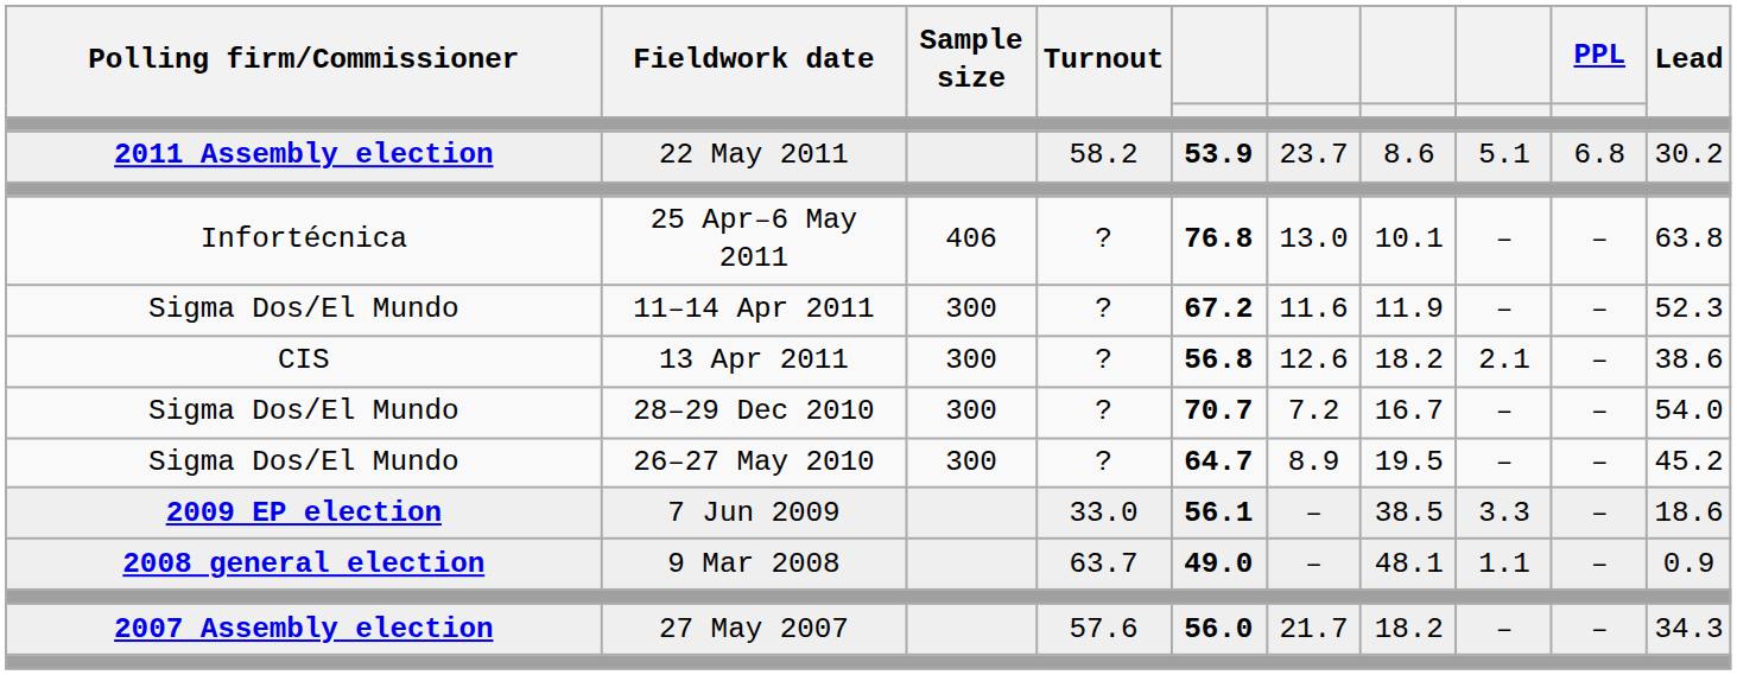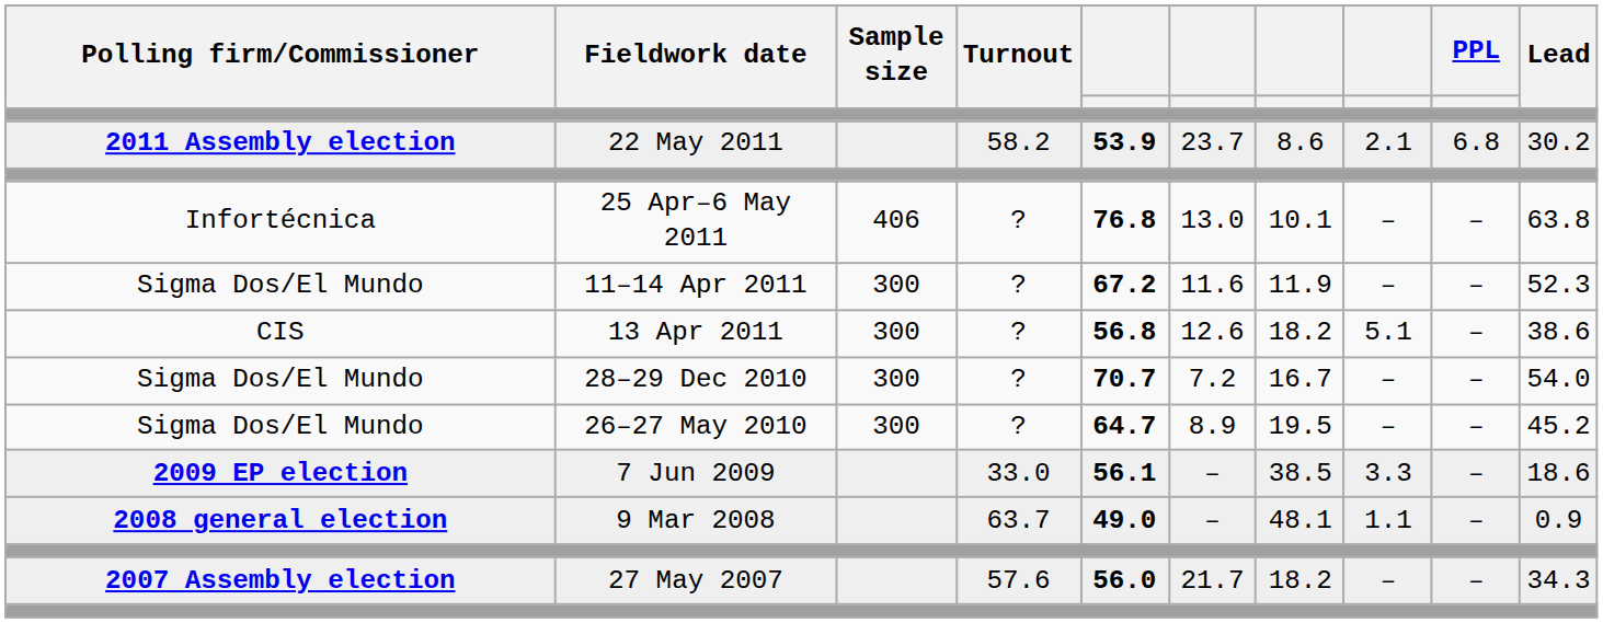 <table class="wikitable collapsible collapsed" style="text-align:center; font-size:95%; line-height:16px;">
 <tr style="height:42px;">
 <th style="width:250px;" rowspan="2">Polling firm/Commissioner</th>
 <th style="width:125px;" rowspan="2">Fieldwork date</th>
 <th style="width:50px;" rowspan="2">Sample size</th>
 <th style="width:45px;" rowspan="2">Turnout</th>
 <th style="width:35px;"></th>
 <th style="width:35px;"></th>
 <th style="width:35px;"></th>
 <th style="width:35px;"></th>
 <th style="width:35px;"><a href='#'>PPL</a></th>
 <th style="width:30px;" rowspan="2">Lead</th>
 </tr>
 <tr>
 <th style="color:inherit;background:"></th>
 <th style="color:inherit;background:"></th>
 <th style="color:inherit;background:"></th>
 <th style="color:inherit;background:"></th>
 <th style="color:inherit;background:"></th>
 </tr>
 <tr>
 <td colspan="10" style="background:#A0A0A0"></td>
 </tr>
 <tr style="background:#EFEFEF;">
 <td><strong><a href='#'>2011 Assembly election</a></strong></td>
 <td>22 May 2011</td>
 <td></td>
 <td>58.2</td>
 <td><strong>53.9</strong><br></td>
 <td>23.7<br></td>
 <td>8.6<br></td>
-<td>5.1<br></td>
+<td>2.1<br></td>
 <td>6.8<br></td>
 <td style="background:">30.2</td>
 </tr>
 <tr>
 <td colspan="10" style="background:#A0A0A0"></td>
 </tr>
 <tr>
 <td>Infortécnica</td>
 <td>25 Apr–6 May 2011</td>
 <td>406</td>
 <td>?</td>
 <td><strong>76.8</strong><br></td>
 <td>13.0<br></td>
 <td>10.1<br></td>
 <td>–</td>
 <td>–</td>
 <td style="background:">63.8</td>
 </tr>
 <tr>
 <td>Sigma Dos/El Mundo</td>
 <td>11–14 Apr 2011</td>
 <td>300</td>
 <td>?</td>
 <td><strong>67.2</strong><br></td>
 <td>11.6<br></td>
 <td>11.9<br></td>
 <td>–</td>
 <td>–</td>
 <td style="background:">52.3</td>
 </tr>
 <tr>
 <td>CIS</td>
 <td>13 Apr 2011</td>
 <td>300</td>
 <td>?</td>
 <td><strong>56.8</strong><br></td>
 <td>12.6<br></td>
 <td>18.2<br></td>
-<td>2.1<br></td>
+<td>5.1<br></td>
 <td>–</td>
 <td style="background:">38.6</td>
 </tr>
 <tr>
 <td>Sigma Dos/El Mundo</td>
 <td>28–29 Dec 2010</td>
 <td>300</td>
 <td>?</td>
 <td><strong>70.7</strong><br></td>
 <td>7.2<br></td>
 <td>16.7<br></td>
 <td>–</td>
 <td>–</td>
 <td style="background:">54.0</td>
 </tr>
 <tr>
 <td>Sigma Dos/El Mundo</td>
 <td>26–27 May 2010</td>
 <td>300</td>
 <td>?</td>
 <td><strong>64.7</strong><br></td>
 <td>8.9<br></td>
 <td>19.5<br></td>
 <td>–</td>
 <td>–</td>
 <td style="background:">45.2</td>
 </tr>
 <tr style="background:#EFEFEF;">
 <td><strong><a href='#'>2009 EP election</a></strong></td>
 <td>7 Jun 2009</td>
 <td></td>
 <td>33.0</td>
 <td><strong>56.1</strong><br></td>
 <td>–</td>
 <td>38.5<br></td>
 <td>3.3<br></td>
 <td>–</td>
 <td style="background:">18.6</td>
 </tr>
 <tr style="background:#EFEFEF;">
 <td><strong><a href='#'>2008 general election</a></strong></td>
 <td>9 Mar 2008</td>
 <td></td>
 <td>63.7</td>
 <td><strong>49.0</strong><br></td>
 <td>–</td>
 <td>48.1<br></td>
 <td>1.1<br></td>
 <td>–</td>
 <td style="background:">0.9</td>
 </tr>
 <tr>
 <td colspan="10" style="background:#A0A0A0"></td>
 </tr>
 <tr style="background:#EFEFEF;">
 <td><strong><a href='#'>2007 Assembly election</a></strong></td>
 <td>27 May 2007</td>
 <td></td>
 <td>57.6</td>
 <td><strong>56.0</strong><br></td>
 <td>21.7<br></td>
 <td>18.2<br></td>
 <td>–</td>
 <td>–</td>
 <td style="background:">34.3</td>
 </tr>
 <tr>
 <td colspan="10" style="background:#A0A0A0"></td>
 </tr>
 </table>
